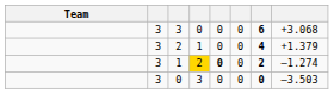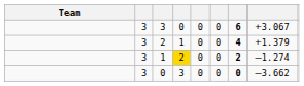 <table class="wikitable" style="text-align:center">
 <tr>
 <th style="width:175px;">Team</th>
 <th style="width:20px;"></th>
 <th style="width:20px;"></th>
 <th style="width:20px;"></th>
 <th style="width:20px;"></th>
 <th style="width:20px;"></th>
 <th style="width:20px;"></th>
 <th style="width:65px;"></th>
 </tr>
 <tr>
 <td style="text-align:left"></td>
 <td>3</td>
 <td>3</td>
 <td>0</td>
 <td>0</td>
 <td>0</td>
 <td><strong>6</strong></td>
-<td>+3.068</td>
+<td>+3.067</td>
 </tr>
 <tr>
 <td style="text-align:left"></td>
 <td>3</td>
 <td>2</td>
 <td>1</td>
 <td>0</td>
 <td>0</td>
 <td><strong>4</strong></td>
 <td>+1.379</td>
 </tr>
 <tr>
 <td style="text-align:left"></td>
 <td>3</td>
 <td>1</td>
 <td style="background: gold;">2</td>
-<td><strong>0</strong></td>
+<td>0</td>
 <td>0</td>
 <td><strong>2</strong></td>
 <td>–1.274</td>
 </tr>
 <tr>
 <td style="text-align:left"></td>
 <td>3</td>
 <td>0</td>
 <td>3</td>
 <td>0</td>
 <td>0</td>
 <td><strong>0</strong></td>
-<td>–3.503</td>
+<td>–3.662</td>
 </tr>
 </table>
